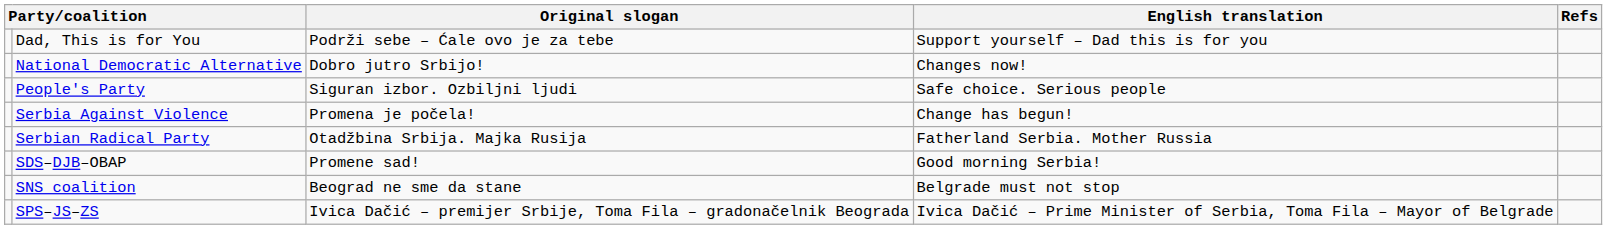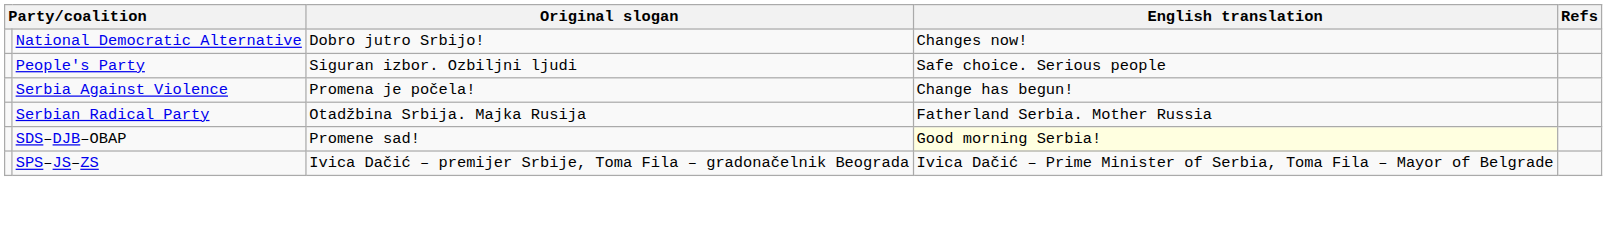 <table class="wikitable" style="font-size:97%; text-align:left">
 <tr>
 <th colspan="2" style="text-align:left">Party/coalition</th>
 <th>Original slogan</th>
 <th>English translation</th>
 <th>Refs</th>
-</tr>
-<tr>
-<td style="background:"></td>
-<td>Dad, This is for You</td>
-<td>Podrži sebe – Ćale ovo je za tebe</td>
-<td>Support yourself – Dad this is for you</td>
-<td></td>
 </tr>
 <tr>
 <td style="background:"></td>
 <td><a href='#'>National Democratic Alternative</a></td>
 <td>Dobro jutro Srbijo!</td>
 <td>Changes now!</td>
 <td></td>
 </tr>
 <tr>
 <td style="background:"></td>
 <td><a href='#'>People's Party</a></td>
 <td>Siguran izbor. Ozbiljni ljudi</td>
 <td>Safe choice. Serious people</td>
 <td></td>
 </tr>
 <tr>
 <td style="background:"></td>
 <td><a href='#'>Serbia Against Violence</a></td>
 <td>Promena je počela!</td>
 <td>Change has begun!</td>
 <td></td>
 </tr>
 <tr>
 <td style="background:"></td>
 <td><a href='#'>Serbian Radical Party</a></td>
 <td>Otadžbina Srbija. Majka Rusija</td>
 <td>Fatherland Serbia. Mother Russia</td>
 <td></td>
 </tr>
 <tr>
 <td style="background:"></td>
 <td><a href='#'>SDS</a>–<a href='#'>DJB</a>–OBAP</td>
 <td>Promene sad!</td>
-<td>Good morning Serbia!</td>
-<td></td>
-</tr>
-<tr>
-<td style="background:"></td>
-<td><a href='#'>SNS coalition</a></td>
-<td>Beograd ne sme da stane</td>
-<td>Belgrade must not stop</td>
+<td style="background: lightyellow;">Good morning Serbia!</td>
 <td></td>
 </tr>
 <tr>
 <td style="background:"></td>
 <td><a href='#'>SPS</a>–<a href='#'>JS</a>–<a href='#'>ZS</a></td>
 <td>Ivica Dačić – premijer Srbije, Toma Fila – gradonačelnik Beograda</td>
 <td>Ivica Dačić – Prime Minister of Serbia, Toma Fila – Mayor of Belgrade</td>
 <td></td>
 </tr>
 </table>
